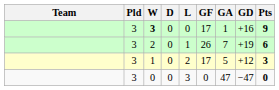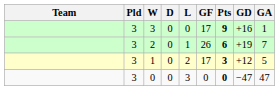 <table class="wikitable" style="text-align:center;">
 <tr>
 <th width=180>Team</th>
 <th width=20>Pld</th>
 <th width=20>W</th>
 <th width=20>D</th>
 <th width=20>L</th>
 <th width=20>GF</th>
+<th width=20>Pts</th>
+<th width=20>GD</th>
 <th width=20>GA</th>
-<th width=20>GD</th>
-<th width=20>Pts</th>
 </tr>
 <tr bgcolor="ccffcc">
 <td align="left"></td>
 <td>3</td>
-<td><strong>3</strong></td>
+<td>3</td>
 <td>0</td>
 <td>0</td>
 <td>17</td>
+<td><strong>9</strong></td>
+<td>+16</td>
 <td>1</td>
-<td>+16</td>
-<td><strong>9</strong></td>
 </tr>
 <tr bgcolor="ccffcc">
 <td align="left"></td>
 <td>3</td>
 <td>2</td>
 <td>0</td>
 <td>1</td>
 <td>26</td>
+<td><strong>6</strong></td>
+<td>+19</td>
 <td>7</td>
-<td>+19</td>
-<td><strong>6</strong></td>
 </tr>
 <tr bgcolor="ffffcc">
 <td align="left"><em></em></td>
 <td>3</td>
 <td>1</td>
 <td>0</td>
 <td>2</td>
 <td>17</td>
+<td><strong>3</strong></td>
+<td>+12</td>
 <td>5</td>
-<td>+12</td>
-<td><strong>3</strong></td>
 </tr>
 <tr>
 <td align="left"></td>
 <td>3</td>
 <td>0</td>
 <td>0</td>
 <td>3</td>
 <td>0</td>
+<td><strong>0</strong></td>
+<td>−47</td>
 <td>47</td>
-<td>−47</td>
-<td><strong>0</strong></td>
 </tr>
 </table>
